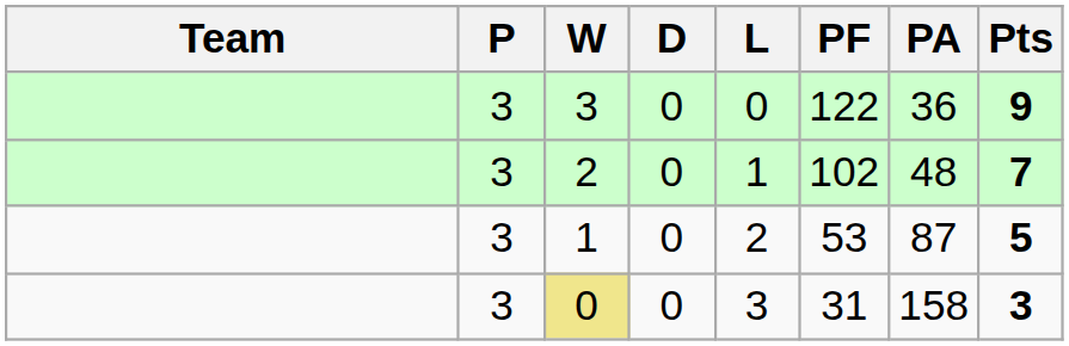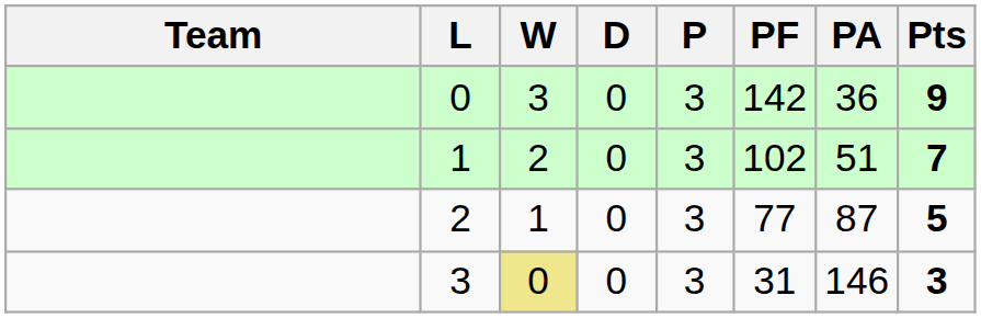 <table class="wikitable" style="text-align:center">
 <tr>
 <th width=165>Team</th>
-<th width=25>P</th>
+<th width=25>L</th>
 <th width=25>W</th>
 <th width=25>D</th>
-<th width=25>L</th>
+<th width=25>P</th>
 <th width=25>PF</th>
 <th width=25>PA</th>
 <th width=25>Pts</th>
 </tr>
 <tr bgcolor=#ccffcc>
 <td align=left></td>
-<td>3</td>
+<td>0</td>
 <td>3</td>
 <td>0</td>
-<td>0</td>
-<td>122</td>
+<td>3</td>
+<td>142</td>
 <td>36</td>
 <td><strong>9</strong></td>
 </tr>
 <tr bgcolor=#ccffcc>
 <td align=left></td>
-<td>3</td>
+<td>1</td>
 <td>2</td>
 <td>0</td>
-<td>1</td>
+<td>3</td>
 <td>102</td>
-<td>48</td>
+<td>51</td>
 <td><strong>7</strong></td>
 </tr>
 <tr>
 <td align=left></td>
-<td>3</td>
+<td>2</td>
 <td>1</td>
 <td>0</td>
-<td>2</td>
-<td>53</td>
+<td>3</td>
+<td>77</td>
 <td>87</td>
 <td><strong>5</strong></td>
 </tr>
 <tr>
 <td align=left></td>
 <td>3</td>
 <td style="background: khaki;">0</td>
 <td>0</td>
 <td>3</td>
 <td>31</td>
-<td>158</td>
+<td>146</td>
 <td><strong>3</strong></td>
 </tr>
 </table>
